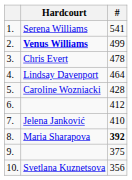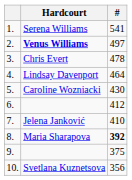 <table class="wikitable" style="display:inline-table">
 <tr>
 <th></th>
 <th>Hardcourt</th>
 <th>#</th>
 </tr>
 <tr>
 <td>1.</td>
 <td> <a href='#'>Serena Williams</a></td>
 <td>541</td>
 </tr>
 <tr>
 <td>2.</td>
 <td> <strong><a href='#'>Venus Williams</a></strong></td>
-<td>499</td>
+<td>497</td>
 </tr>
 <tr>
 <td>3.</td>
 <td> <a href='#'>Chris Evert</a></td>
 <td>478</td>
 </tr>
 <tr>
 <td>4.</td>
 <td> <a href='#'>Lindsay Davenport</a></td>
 <td>464</td>
 </tr>
 <tr>
 <td>5.</td>
 <td> <a href='#'>Caroline Wozniacki</a></td>
-<td>428</td>
+<td>430</td>
 </tr>
 <tr>
 <td>6.</td>
 <td></td>
 <td>412</td>
 </tr>
 <tr>
 <td>7.</td>
 <td> <a href='#'>Jelena Janković</a></td>
 <td>410</td>
 </tr>
 <tr>
 <td>8.</td>
 <td> <a href='#'>Maria Sharapova</a></td>
 <td><strong>392</strong></td>
 </tr>
 <tr>
 <td>9.</td>
 <td></td>
 <td>375</td>
 </tr>
 <tr>
 <td>10.</td>
 <td> <a href='#'>Svetlana Kuznetsova</a></td>
 <td>356</td>
 </tr>
 </table>
